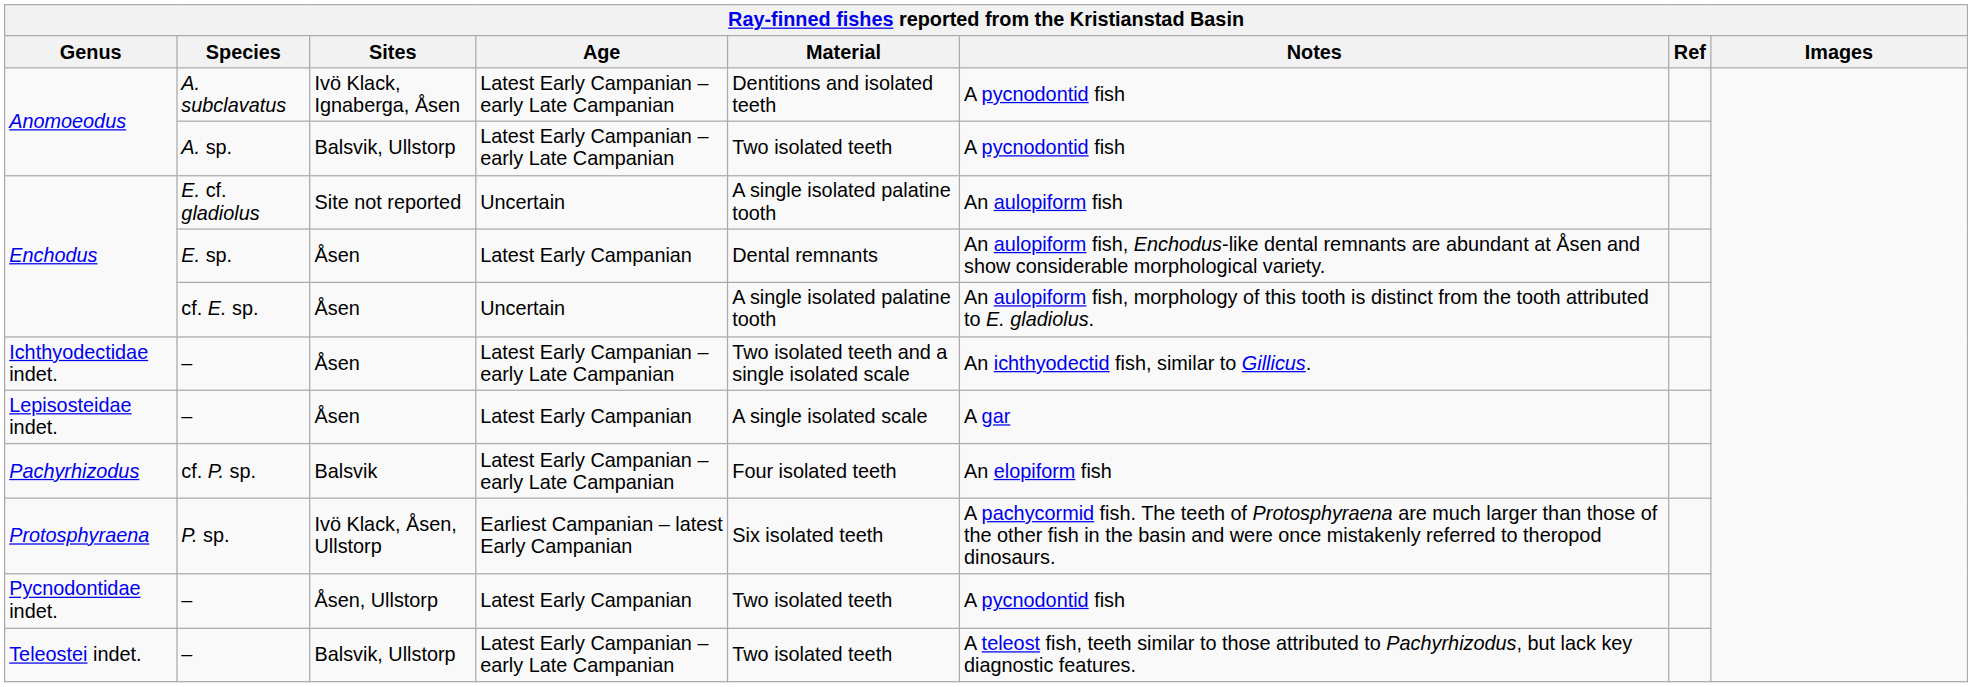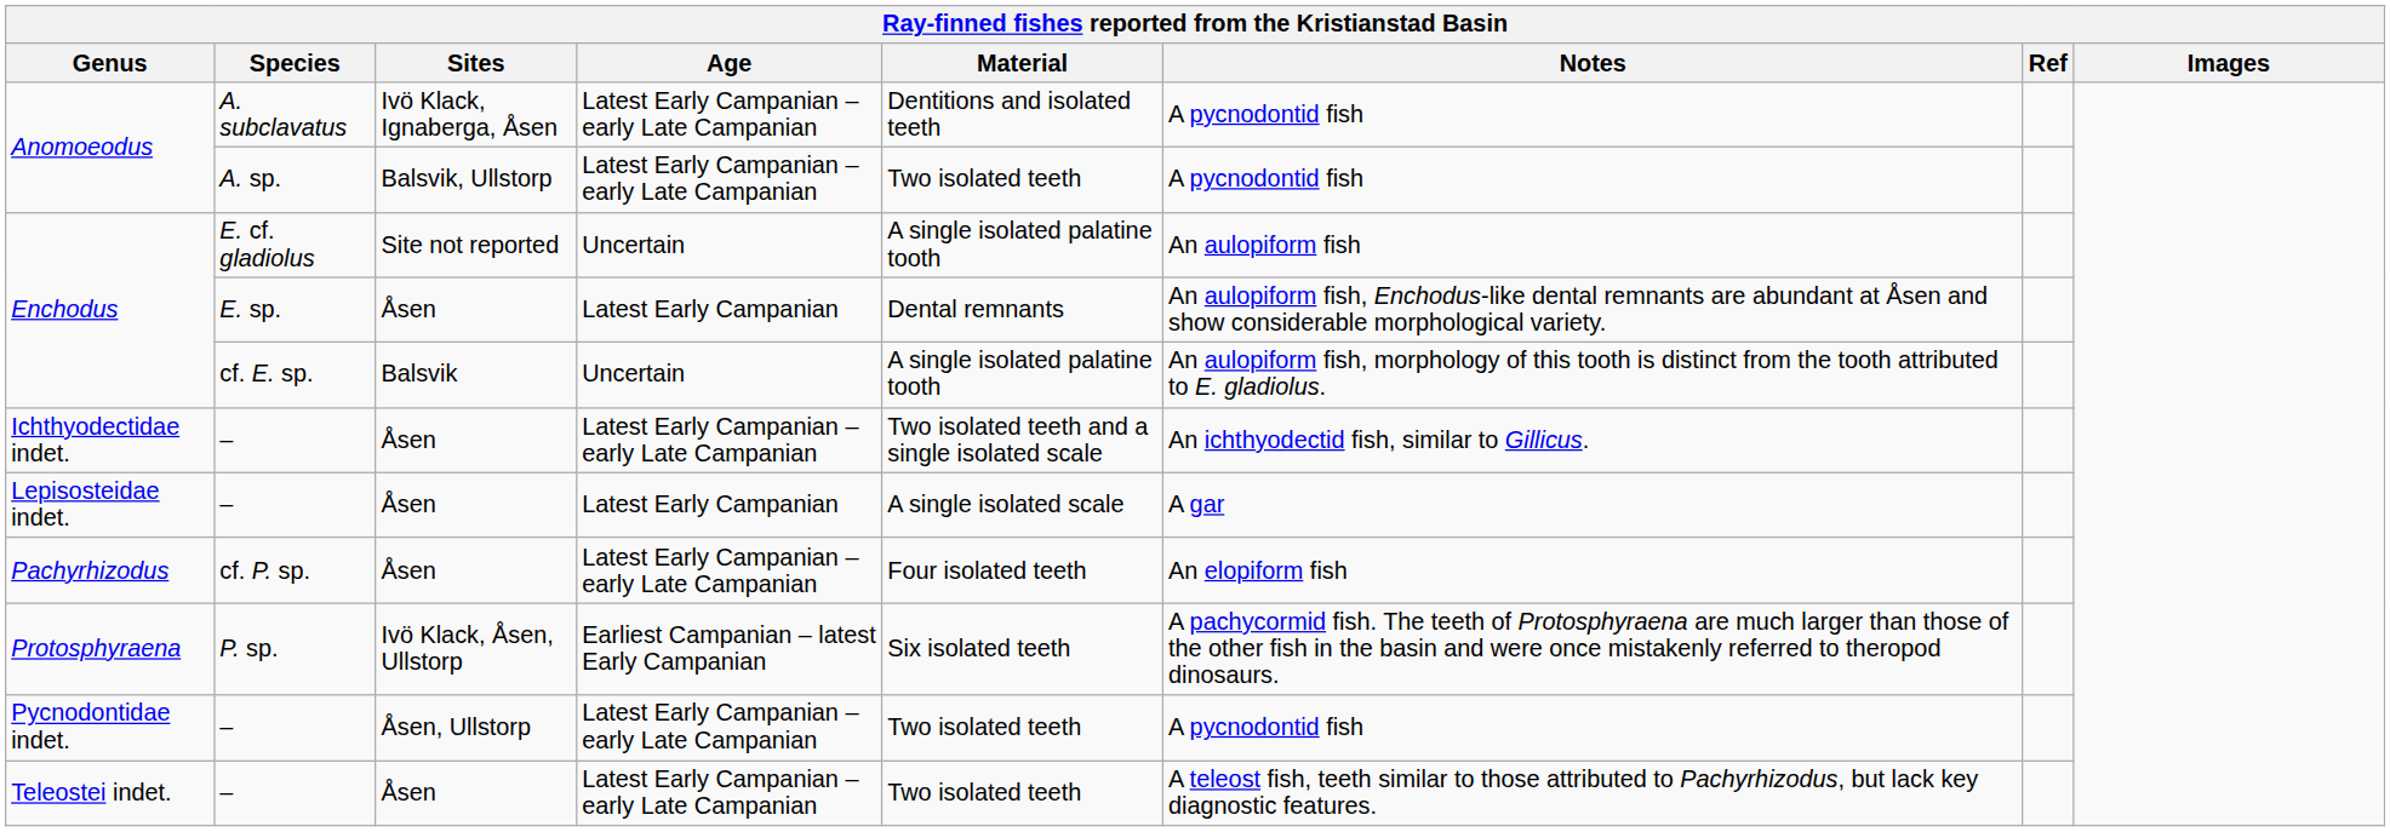 <table class="wikitable sortable mw-collapsible" style="width:100%">
 <tr>
 <th colspan="8" style="text-align:center;"><strong><a href='#'>Ray-finned fishes</a> reported from the Kristianstad Basin</strong></th>
 </tr>
 <tr>
 <th>Genus</th>
 <th width="100px">Species</th>
 <th>Sites</th>
 <th>Age</th>
 <th>Material</th>
 <th>Notes</th>
 <th>Ref</th>
 <th width="200px">Images</th>
 </tr>
 <tr>
 <td rowspan="2"><em><a href='#'>Anomoeodus</a></em></td>
 <td><em>A. subclavatus</em></td>
 <td>Ivö Klack, Ignaberga, Åsen</td>
 <td>Latest Early Campanian – early Late Campanian</td>
 <td>Dentitions and isolated teeth</td>
 <td>A <a href='#'>pycnodontid</a> fish</td>
 <td></td>
 <td rowspan="11"><br>   </td>
 </tr>
 <tr>
 <td><em>A.</em> sp.</td>
 <td>Balsvik, Ullstorp</td>
 <td>Latest Early Campanian – early Late Campanian</td>
 <td>Two isolated teeth</td>
 <td>A <a href='#'>pycnodontid</a> fish</td>
 <td></td>
 </tr>
 <tr>
 <td rowspan="3"><em><a href='#'>Enchodus</a></em></td>
 <td><em>E.</em> cf. <em>gladiolus</em></td>
 <td>Site not reported</td>
 <td>Uncertain</td>
 <td>A single isolated palatine tooth</td>
 <td>An <a href='#'>aulopiform</a> fish</td>
 <td></td>
 </tr>
 <tr>
 <td><em>E.</em> sp.</td>
 <td>Åsen</td>
 <td>Latest Early Campanian</td>
 <td>Dental remnants</td>
 <td>An <a href='#'>aulopiform</a> fish, <em>Enchodus</em>-like dental remnants are abundant at Åsen and show considerable morphological variety.</td>
 <td></td>
 </tr>
 <tr>
 <td>cf. <em>E.</em> sp.</td>
-<td>Åsen</td>
+<td>Balsvik</td>
 <td>Uncertain</td>
 <td>A single isolated palatine tooth</td>
 <td>An <a href='#'>aulopiform</a> fish, morphology of this tooth is distinct from the tooth attributed to <em>E. gladiolus</em>.</td>
 <td></td>
 </tr>
 <tr>
 <td><a href='#'>Ichthyodectidae</a> indet.</td>
 <td>–</td>
 <td>Åsen</td>
 <td>Latest Early Campanian – early Late Campanian</td>
 <td>Two isolated teeth and a single isolated scale</td>
 <td>An <a href='#'>ichthyodectid</a> fish, similar to <em><a href='#'>Gillicus</a></em>.</td>
 <td></td>
 </tr>
 <tr>
 <td><a href='#'>Lepisosteidae</a> indet.</td>
 <td>–</td>
 <td>Åsen</td>
 <td>Latest Early Campanian</td>
 <td>A single isolated scale</td>
 <td>A <a href='#'>gar</a></td>
 <td></td>
 </tr>
 <tr>
 <td><em><a href='#'>Pachyrhizodus</a></em></td>
 <td>cf. <em>P.</em> sp.</td>
-<td>Balsvik</td>
+<td>Åsen</td>
 <td>Latest Early Campanian – early Late Campanian</td>
 <td>Four isolated teeth</td>
 <td>An <a href='#'>elopiform</a> fish</td>
 <td></td>
 </tr>
 <tr>
 <td><em><a href='#'>Protosphyraena</a></em></td>
 <td><em>P.</em> sp.</td>
 <td>Ivö Klack, Åsen, Ullstorp</td>
 <td>Earliest Campanian – latest Early Campanian</td>
 <td>Six isolated teeth</td>
 <td>A <a href='#'>pachycormid</a> fish. The teeth of <em>Protosphyraena</em> are much larger than those of the other fish in the basin and were once mistakenly referred to theropod dinosaurs.</td>
 <td></td>
 </tr>
 <tr>
 <td><a href='#'>Pycnodontidae</a> indet.</td>
 <td>–</td>
 <td>Åsen, Ullstorp</td>
-<td>Latest Early Campanian</td>
+<td>Latest Early Campanian – early Late Campanian</td>
 <td>Two isolated teeth</td>
 <td>A <a href='#'>pycnodontid</a> fish</td>
 <td></td>
 </tr>
 <tr>
 <td><a href='#'>Teleostei</a> indet.</td>
 <td>–</td>
-<td>Balsvik, Ullstorp</td>
+<td>Åsen</td>
 <td>Latest Early Campanian – early Late Campanian</td>
 <td>Two isolated teeth</td>
 <td>A <a href='#'>teleost</a> fish, teeth similar to those attributed to <em>Pachyrhizodus</em>, but lack key diagnostic features.</td>
 <td></td>
 </tr>
 </table>
